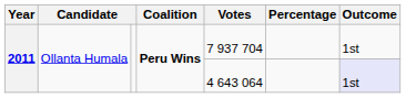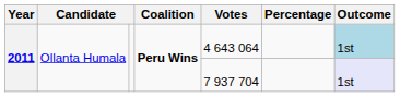 <table class="wikitable">
 <tr>
 <th>Year</th>
 <th colspan="2">Candidate</th>
 <th>Coalition</th>
 <th>Votes</th>
 <th>Percentage</th>
 <th>Outcome</th>
 </tr>
 <tr>
 <th rowspan="2"><a href='#'>2011</a></th>
 <td rowspan="2"><a href='#'>Ollanta Humala</a></td>
 <td rowspan="2"></td>
 <td rowspan="2"><strong>Peru Wins</strong><br></td>
-<td><br>7 937 704</td>
+<td><br>4 643 064</td>
 <td></td>
-<td><br>1st</td>
+<td style="background: lightblue;"><br>1st</td>
 </tr>
 <tr>
-<td><br>4 643 064</td>
+<td><br>7 937 704</td>
 <td></td>
 <td style="background: lavender;"><br>1st</td>
 </tr>
 </table>
